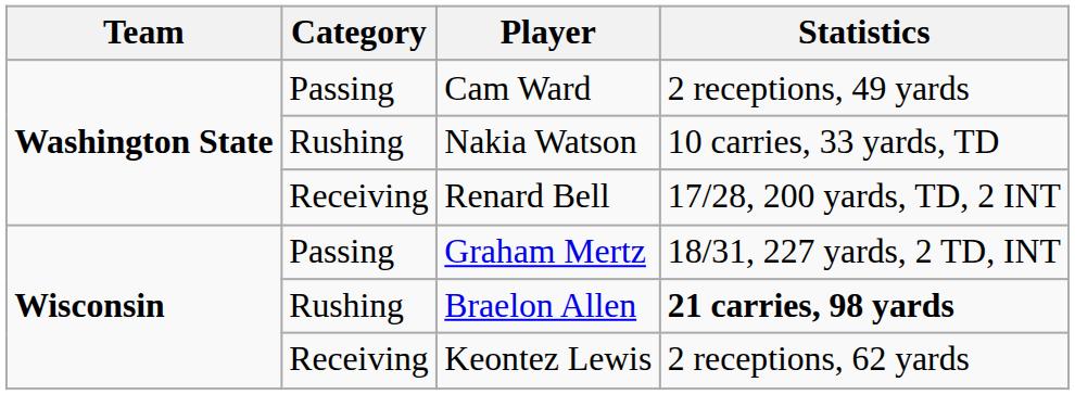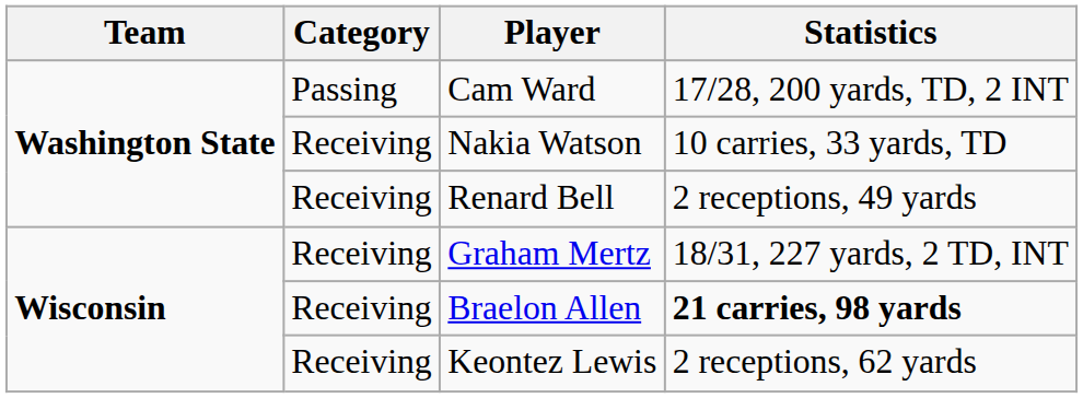 <table class="wikitable" style="float: right;">
 <tr>
 <th>Team</th>
 <th>Category</th>
 <th>Player</th>
 <th>Statistics</th>
 </tr>
 <tr>
 <td rowspan=3><strong>Washington State</strong></td>
 <td>Passing</td>
 <td>Cam Ward</td>
-<td>2 receptions, 49 yards</td>
+<td>17/28, 200 yards, TD, 2 INT</td>
 </tr>
 <tr>
-<td>Rushing</td>
+<td>Receiving</td>
 <td>Nakia Watson</td>
 <td>10 carries, 33 yards, TD</td>
 </tr>
 <tr>
 <td>Receiving</td>
 <td>Renard Bell</td>
-<td>17/28, 200 yards, TD, 2 INT</td>
+<td>2 receptions, 49 yards</td>
 </tr>
 <tr>
 <td rowspan=3><strong>Wisconsin</strong></td>
-<td>Passing</td>
+<td>Receiving</td>
 <td><a href='#'>Graham Mertz</a></td>
 <td>18/31, 227 yards, 2 TD, INT</td>
 </tr>
 <tr>
-<td>Rushing</td>
+<td>Receiving</td>
 <td><a href='#'>Braelon Allen</a></td>
 <td><strong>21 carries, 98 yards</strong></td>
 </tr>
 <tr>
 <td>Receiving</td>
 <td>Keontez Lewis</td>
 <td>2 receptions, 62 yards</td>
 </tr>
 </table>
